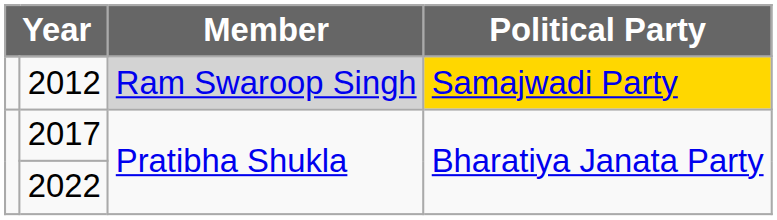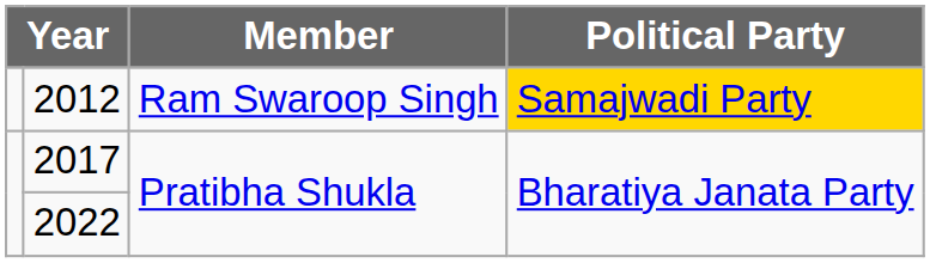 <table class="wikitable">
 <tr>
 <th style="background-color:#666666; color:white" colspan="2">Year</th>
 <th style="background-color:#666666; color:white">Member</th>
 <th style="background-color:#666666; color:white">Political Party</th>
 </tr>
 <tr>
 <td style="background-color: "></td>
 <td>2012</td>
-<td style="background: lightgrey;"><a href='#'>Ram Swaroop Singh</a></td>
+<td><a href='#'>Ram Swaroop Singh</a></td>
 <td style="background: gold;"><a href='#'>Samajwadi Party</a></td>
 </tr>
 <tr>
 <td rowspan="2" style="background-color: "></td>
 <td>2017</td>
 <td rowspan="2"><a href='#'>Pratibha Shukla</a></td>
 <td rowspan="2"><a href='#'>Bharatiya Janata Party</a></td>
 </tr>
 <tr>
 <td>2022</td>
 </tr>
 </table>
